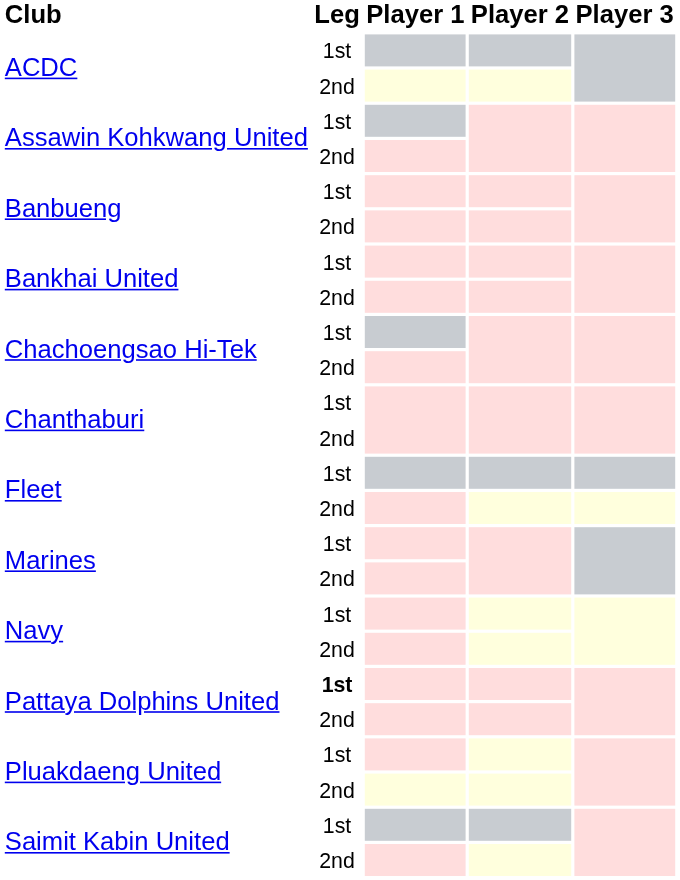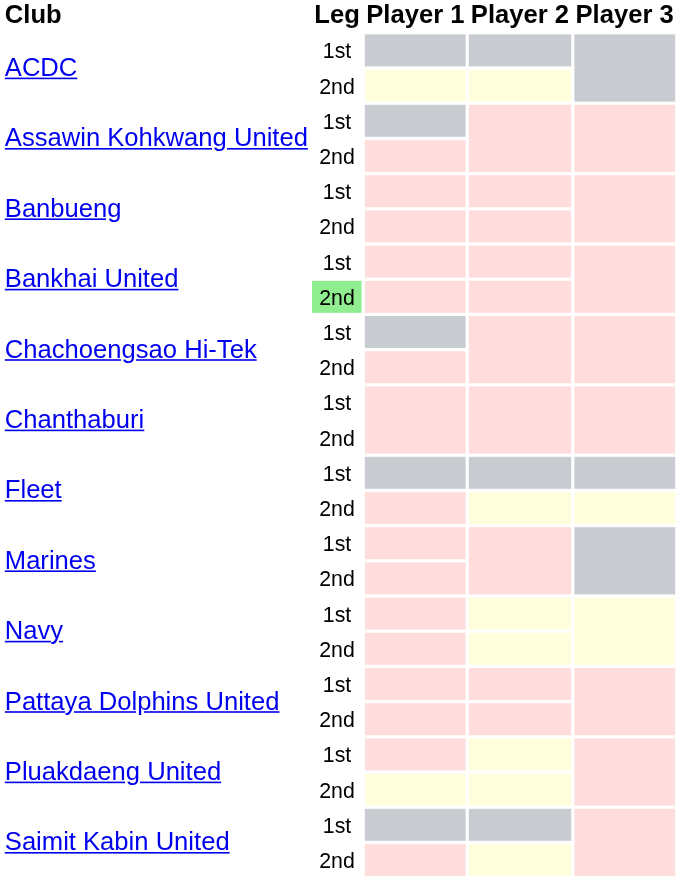 <table class="sortable" style="text-align:left">
 <tr>
 <th>Club</th>
 <th>Leg</th>
 <th>Player 1</th>
 <th>Player 2</th>
 <th>Player 3</th>
 </tr>
 <tr>
 <td rowspan="2"><a href='#'>ACDC</a></td>
 <td align="center"><small>1st</small></td>
 <td bgcolor="#c8ccd1"></td>
 <td bgcolor="#c8ccd1"></td>
 <td bgcolor="#c8ccd1"rowspan="2"></td>
 </tr>
 <tr>
 <td align="center"><small>2nd</small></td>
 <td bgcolor="#ffffdd"></td>
 <td bgcolor="#ffffdd"></td>
 </tr>
 <tr>
 <td rowspan="2"><a href='#'>Assawin Kohkwang United</a></td>
 <td align="center"><small>1st</small></td>
 <td bgcolor="#c8ccd1"></td>
 <td bgcolor="#ffdddd"rowspan="2"></td>
 <td bgcolor="#ffdddd"rowspan="2"></td>
 </tr>
 <tr>
 <td align="center"><small>2nd</small></td>
 <td bgcolor="#ffdddd"></td>
 </tr>
 <tr>
 <td rowspan="2"><a href='#'>Banbueng</a></td>
 <td align="center"><small>1st</small></td>
 <td bgcolor="#ffdddd"></td>
 <td bgcolor="#ffdddd"></td>
 <td bgcolor="#ffdddd"rowspan="2"></td>
 </tr>
 <tr>
 <td align="center"><small>2nd</small></td>
 <td bgcolor="#ffdddd"></td>
 <td bgcolor="#ffdddd"></td>
 </tr>
 <tr>
 <td rowspan="2"><a href='#'>Bankhai United</a></td>
 <td align="center"><small>1st</small></td>
 <td bgcolor="#ffdddd"></td>
 <td bgcolor="#ffdddd"></td>
 <td bgcolor="#ffdddd"rowspan="2"></td>
 </tr>
 <tr>
-<td align="center"><small>2nd</small></td>
+<td align="center" style="background: lightgreen;"><small>2nd</small></td>
 <td bgcolor="#ffdddd"></td>
 <td bgcolor="#ffdddd"></td>
 </tr>
 <tr>
 <td rowspan="2"><a href='#'>Chachoengsao Hi-Tek</a></td>
 <td align="center"><small>1st</small></td>
 <td bgcolor="#c8ccd1"></td>
 <td bgcolor="#ffdddd"rowspan="2"></td>
 <td bgcolor="#ffdddd"rowspan="2"></td>
 </tr>
 <tr>
 <td align="center"><small>2nd</small></td>
 <td bgcolor="#ffdddd"></td>
 </tr>
 <tr>
 <td rowspan="2"><a href='#'>Chanthaburi</a></td>
 <td align="center"><small>1st</small></td>
 <td bgcolor="#ffdddd"rowspan="2"></td>
 <td bgcolor="#ffdddd"rowspan="2"></td>
 <td bgcolor="#ffdddd"rowspan="2"></td>
 </tr>
 <tr>
 <td align="center"><small>2nd</small></td>
 </tr>
 <tr>
 <td rowspan="2"><a href='#'>Fleet</a></td>
 <td align="center"><small>1st</small></td>
 <td bgcolor="#c8ccd1"></td>
 <td bgcolor="#c8ccd1"></td>
 <td bgcolor="#c8ccd1"></td>
 </tr>
 <tr>
 <td align="center"><small>2nd</small></td>
 <td bgcolor="#ffdddd"></td>
 <td bgcolor="#ffffdd"></td>
 <td bgcolor="#ffffdd"></td>
 </tr>
 <tr>
 <td rowspan="2"><a href='#'>Marines</a></td>
 <td align="center"><small>1st</small></td>
 <td bgcolor="#ffdddd"></td>
 <td bgcolor="#ffdddd"rowspan="2"></td>
 <td bgcolor="#c8ccd1"rowspan="2"></td>
 </tr>
 <tr>
 <td align="center"><small>2nd</small></td>
 <td bgcolor="#ffdddd"></td>
 </tr>
 <tr>
 <td rowspan="2"><a href='#'>Navy</a></td>
 <td align="center"><small>1st</small></td>
 <td bgcolor="#ffdddd"></td>
 <td bgcolor="#ffffdd"></td>
 <td bgcolor="#ffffdd"rowspan="2"></td>
 </tr>
 <tr>
 <td align="center"><small>2nd</small></td>
 <td bgcolor="#ffdddd"></td>
 <td bgcolor="#ffffdd"></td>
 </tr>
 <tr>
 <td rowspan="2"><a href='#'>Pattaya Dolphins United</a></td>
-<td align="center"><strong><small>1st</small></strong></td>
+<td align="center"><small>1st</small></td>
 <td bgcolor="#ffdddd"></td>
 <td bgcolor="#ffdddd"></td>
 <td bgcolor="#ffdddd"rowspan="2"></td>
 </tr>
 <tr>
 <td align="center"><small>2nd</small></td>
 <td bgcolor="#ffdddd"></td>
 <td bgcolor="#ffdddd"></td>
 </tr>
 <tr>
 <td rowspan="2"><a href='#'>Pluakdaeng United</a></td>
 <td align="center"><small>1st</small></td>
 <td bgcolor="#ffdddd"></td>
 <td bgcolor="#ffffdd"></td>
 <td bgcolor="#ffdddd"rowspan="2"></td>
 </tr>
 <tr>
 <td align="center"><small>2nd</small></td>
 <td bgcolor="#ffffdd"></td>
 <td bgcolor="#ffffdd"></td>
 </tr>
 <tr>
 <td rowspan="2"><a href='#'>Saimit Kabin United</a></td>
 <td align="center"><small>1st</small></td>
 <td bgcolor="#c8ccd1"></td>
 <td bgcolor="#c8ccd1"></td>
 <td bgcolor="#ffdddd"rowspan="2"></td>
 </tr>
 <tr>
 <td align="center"><small>2nd</small></td>
 <td bgcolor="#ffdddd"></td>
 <td bgcolor="#ffffdd"></td>
 </tr>
 </table>
